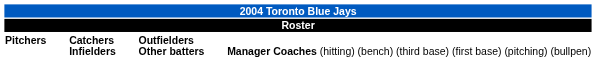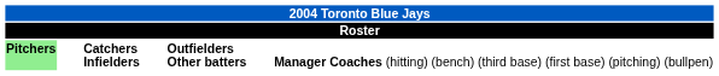 <table class="toccolours" style="font-size: 95%;">
 <tr>
 <th colspan="10" style="background-color: #005ac0; color: #FFFFFF; text-align: center;">2004 Toronto Blue Jays</th>
 </tr>
 <tr>
 <td colspan="10" style="background-color: black; color: white; text-align: center;"><strong>Roster</strong></td>
 </tr>
 <tr>
-<td valign="top"><strong>Pitchers</strong><br>                       </td>
+<td valign="top" style="background: lightgreen;"><strong>Pitchers</strong><br>                       </td>
 <td width="25px"></td>
 <td valign="top"><strong>Catchers</strong><br>     <strong>Infielders</strong>        </td>
 <td width="25px"></td>
 <td valign="top"><strong>Outfielders</strong><br>         <strong>Other batters</strong> </td>
 <td width="25px"></td>
 <td valign="top"><br><strong>Manager</strong>   <strong>Coaches</strong>  (hitting)  (bench)  (third base)  (first base)  (pitching)  (bullpen)</td>
 </tr>
 </table>
